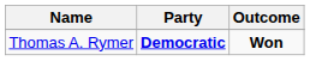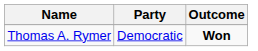 <table class=wikitable style="text-align:center">
 <tr>
 <th>Name</th>
 <th>Party</th>
 <th>Outcome</th>
 </tr>
 <tr>
 </tr>
 <tr>
 <td align=left><a href='#'>Thomas A. Rymer</a></td>
-<td><strong><a href='#'>Democratic</a></strong></td>
+<td><a href='#'>Democratic</a></td>
 <td><strong>Won</strong></td>
 </tr>
 </table>
